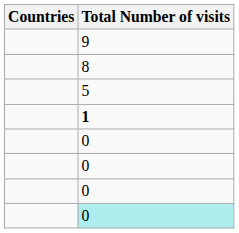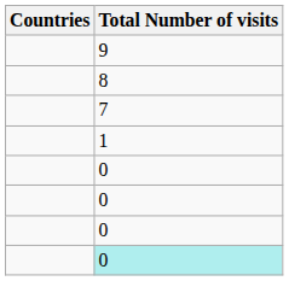 <table class="wikitable sortable">
 <tr>
 <th>Countries</th>
 <th>Total Number of visits</th>
 </tr>
 <tr>
 <td></td>
 <td>9</td>
 </tr>
 <tr>
 <td></td>
 <td>8</td>
 </tr>
 <tr>
 <td></td>
-<td>5</td>
+<td>7</td>
 </tr>
 <tr>
 <td></td>
-<td><strong>1</strong></td>
+<td>1</td>
 </tr>
 <tr>
 <td></td>
 <td>0</td>
 </tr>
 <tr>
 <td></td>
 <td>0</td>
 </tr>
 <tr>
 <td></td>
 <td>0</td>
 </tr>
 <tr>
 <td></td>
 <td style="background: paleturquoise;">0</td>
 </tr>
 </table>
